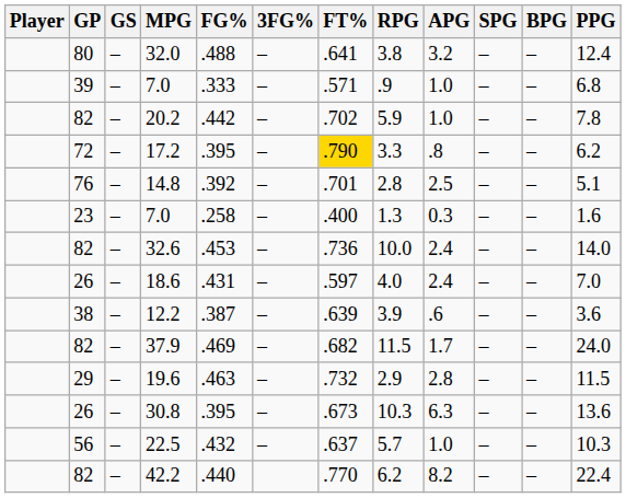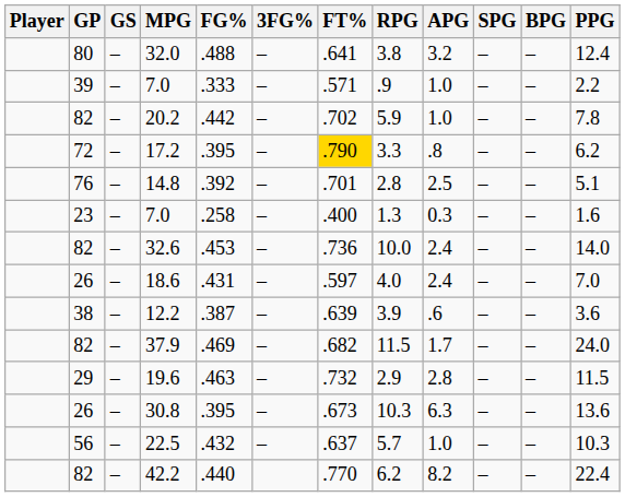 <table class="wikitable sortable" style="font-size: 90%">
 <tr>
 <th>Player</th>
 <th>GP</th>
 <th>GS</th>
 <th>MPG</th>
 <th>FG%</th>
 <th>3FG%</th>
 <th>FT%</th>
 <th>RPG</th>
 <th>APG</th>
 <th>SPG</th>
 <th>BPG</th>
 <th>PPG</th>
 </tr>
 <tr>
 <td></td>
 <td>80</td>
 <td>–</td>
 <td>32.0</td>
 <td>.488</td>
 <td>–</td>
 <td>.641</td>
 <td>3.8</td>
 <td>3.2</td>
 <td>–</td>
 <td>–</td>
 <td>12.4</td>
 </tr>
 <tr>
 <td></td>
 <td>39</td>
 <td>–</td>
 <td>7.0</td>
 <td>.333</td>
 <td>–</td>
 <td>.571</td>
 <td>.9</td>
 <td>1.0</td>
 <td>–</td>
 <td>–</td>
-<td>6.8</td>
+<td>2.2</td>
 </tr>
 <tr>
 <td></td>
 <td>82</td>
 <td>–</td>
 <td>20.2</td>
 <td>.442</td>
 <td>–</td>
 <td>.702</td>
 <td>5.9</td>
 <td>1.0</td>
 <td>–</td>
 <td>–</td>
 <td>7.8</td>
 </tr>
 <tr>
 <td></td>
 <td>72</td>
 <td>–</td>
 <td>17.2</td>
 <td>.395</td>
 <td>–</td>
 <td style="background: gold;">.790</td>
 <td>3.3</td>
 <td>.8</td>
 <td>–</td>
 <td>–</td>
 <td>6.2</td>
 </tr>
 <tr>
 <td></td>
 <td>76</td>
 <td>–</td>
 <td>14.8</td>
 <td>.392</td>
 <td>–</td>
 <td>.701</td>
 <td>2.8</td>
 <td>2.5</td>
 <td>–</td>
 <td>–</td>
 <td>5.1</td>
 </tr>
 <tr>
 <td></td>
 <td>23</td>
 <td>–</td>
 <td>7.0</td>
 <td>.258</td>
 <td>–</td>
 <td>.400</td>
 <td>1.3</td>
 <td>0.3</td>
 <td>–</td>
 <td>–</td>
 <td>1.6</td>
 </tr>
 <tr>
 <td></td>
 <td>82</td>
 <td>–</td>
 <td>32.6</td>
 <td>.453</td>
 <td>–</td>
 <td>.736</td>
 <td>10.0</td>
 <td>2.4</td>
 <td>–</td>
 <td>–</td>
 <td>14.0</td>
 </tr>
 <tr>
 <td> </td>
 <td>26</td>
 <td>–</td>
 <td>18.6</td>
 <td>.431</td>
 <td>–</td>
 <td>.597</td>
 <td>4.0</td>
 <td>2.4</td>
 <td>–</td>
 <td>–</td>
 <td>7.0</td>
 </tr>
 <tr>
 <td></td>
 <td>38</td>
 <td>–</td>
 <td>12.2</td>
 <td>.387</td>
 <td>–</td>
 <td>.639</td>
 <td>3.9</td>
 <td>.6</td>
 <td>–</td>
 <td>–</td>
 <td>3.6</td>
 </tr>
 <tr>
 <td></td>
 <td>82</td>
 <td>–</td>
 <td>37.9</td>
 <td>.469</td>
 <td>–</td>
 <td>.682</td>
 <td>11.5</td>
 <td>1.7</td>
 <td>–</td>
 <td>–</td>
 <td>24.0</td>
 </tr>
 <tr>
 <td></td>
 <td>29</td>
 <td>–</td>
 <td>19.6</td>
 <td>.463</td>
 <td>–</td>
 <td>.732</td>
 <td>2.9</td>
 <td>2.8</td>
 <td>–</td>
 <td>–</td>
 <td>11.5</td>
 </tr>
 <tr>
 <td> </td>
 <td>26</td>
 <td>–</td>
 <td>30.8</td>
 <td>.395</td>
 <td>–</td>
 <td>.673</td>
 <td>10.3</td>
 <td>6.3</td>
 <td>–</td>
 <td>–</td>
 <td>13.6</td>
 </tr>
 <tr>
 <td> </td>
 <td>56</td>
 <td>–</td>
 <td>22.5</td>
 <td>.432</td>
 <td>–</td>
 <td>.637</td>
 <td>5.7</td>
 <td>1.0</td>
 <td>–</td>
 <td>–</td>
 <td>10.3</td>
 </tr>
 <tr>
 <td></td>
 <td>82</td>
 <td>–</td>
 <td>42.2</td>
 <td>.440</td>
 <td></td>
 <td>.770</td>
 <td>6.2</td>
 <td>8.2</td>
 <td>–</td>
 <td>–</td>
 <td>22.4</td>
 </tr>
 </table>
